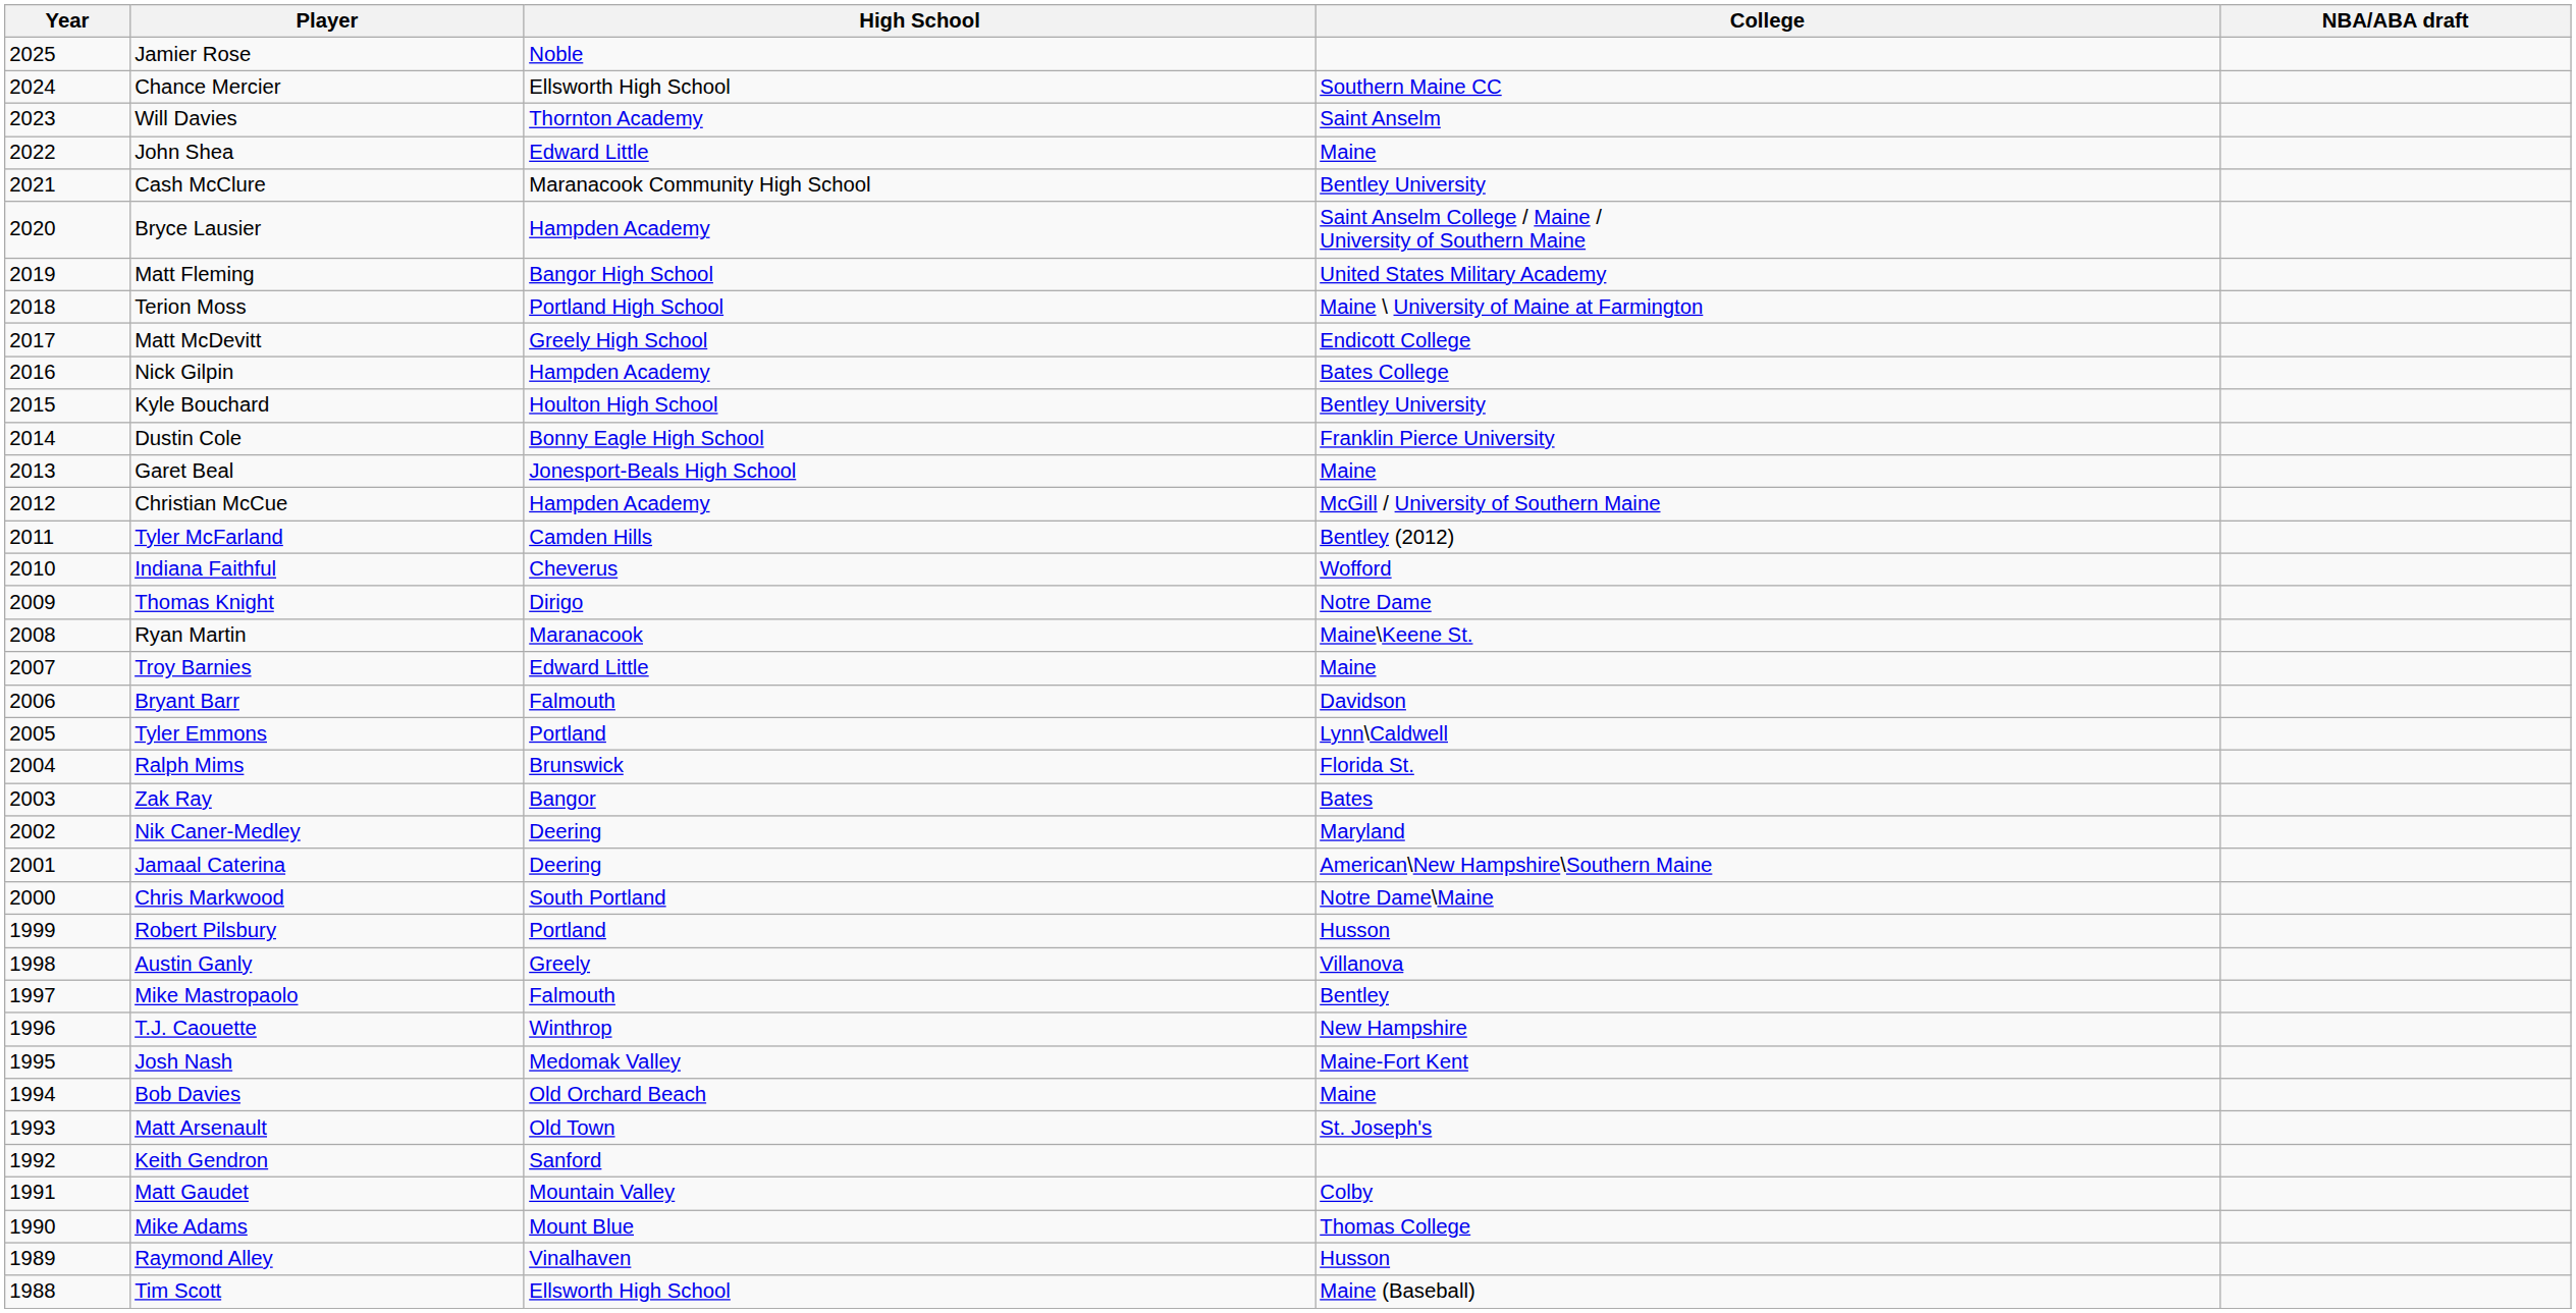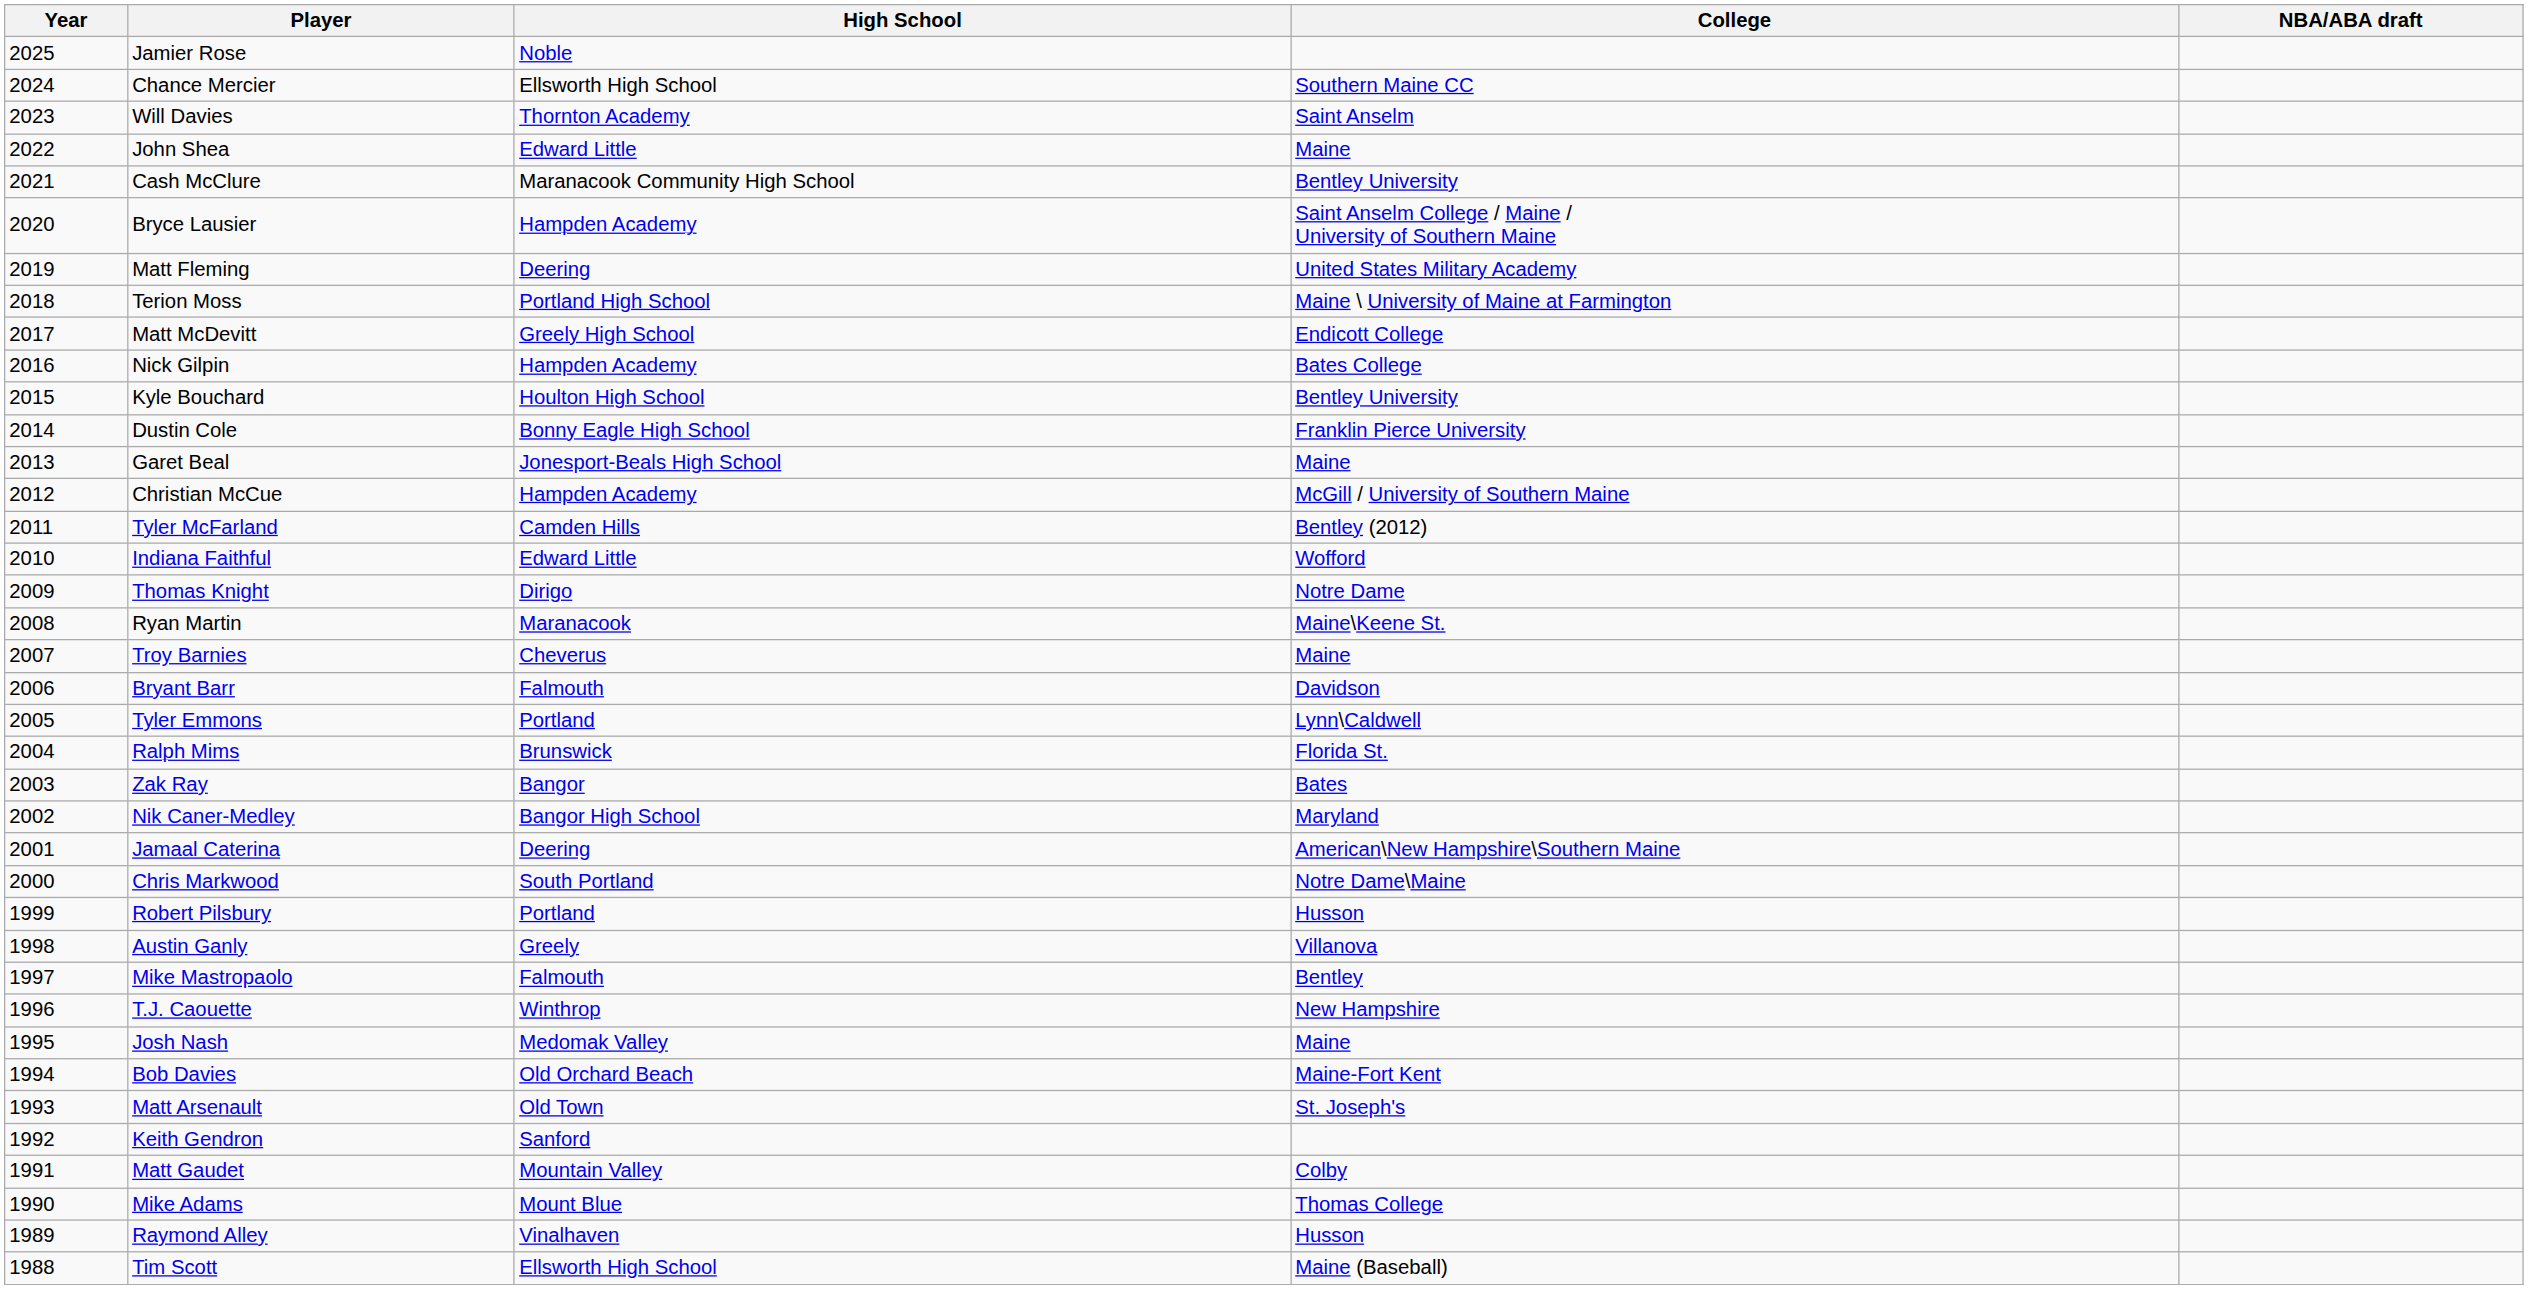 <table class="wikitable sortable" width="100%">
 <tr>
 <th>Year</th>
 <th>Player</th>
 <th>High School</th>
 <th>College</th>
 <th>NBA/ABA draft</th>
 </tr>
 <tr>
 <td>2025</td>
 <td>Jamier Rose</td>
 <td><a href='#'>Noble</a></td>
 <td></td>
 </tr>
 <tr>
 <td>2024</td>
 <td>Chance Mercier</td>
 <td>Ellsworth High School</td>
 <td><a href='#'>Southern Maine CC</a></td>
 <td></td>
 </tr>
 <tr>
 <td>2023</td>
 <td>Will Davies</td>
 <td><a href='#'>Thornton Academy</a></td>
 <td><a href='#'>Saint Anselm</a></td>
 <td></td>
 </tr>
 <tr>
 <td>2022</td>
 <td>John Shea</td>
 <td><a href='#'>Edward Little</a></td>
 <td><a href='#'>Maine</a></td>
 <td></td>
 </tr>
 <tr>
 <td>2021</td>
 <td>Cash McClure</td>
 <td>Maranacook Community High School</td>
 <td><a href='#'>Bentley University</a></td>
 </tr>
 <tr>
 <td>2020</td>
 <td>Bryce Lausier</td>
 <td><a href='#'>Hampden Academy</a></td>
 <td><a href='#'>Saint Anselm College</a> / <a href='#'>Maine</a> /<br><a href='#'>University of Southern Maine</a></td>
 <td></td>
 </tr>
 <tr>
 <td>2019</td>
 <td>Matt Fleming</td>
-<td><a href='#'>Bangor High School</a></td>
+<td><a href='#'>Deering</a></td>
 <td><a href='#'>United States Military Academy</a></td>
 <td></td>
 </tr>
 <tr>
 <td>2018</td>
 <td>Terion Moss</td>
 <td><a href='#'>Portland High School</a></td>
 <td><a href='#'>Maine</a> \ <a href='#'>University of Maine at Farmington</a></td>
 <td></td>
 </tr>
 <tr>
 <td>2017</td>
 <td>Matt McDevitt</td>
 <td><a href='#'>Greely High School</a></td>
 <td><a href='#'>Endicott College</a></td>
 <td></td>
 </tr>
 <tr>
 <td>2016</td>
 <td>Nick Gilpin</td>
 <td><a href='#'>Hampden Academy</a></td>
 <td><a href='#'>Bates College</a></td>
 <td></td>
 </tr>
 <tr>
 <td>2015</td>
 <td>Kyle Bouchard</td>
 <td><a href='#'>Houlton High School</a></td>
 <td><a href='#'>Bentley University</a></td>
 </tr>
 <tr>
 <td>2014</td>
 <td>Dustin Cole</td>
 <td><a href='#'>Bonny Eagle High School</a></td>
 <td><a href='#'>Franklin Pierce University</a></td>
 <td></td>
 </tr>
 <tr>
 <td>2013</td>
 <td>Garet Beal</td>
 <td><a href='#'>Jonesport-Beals High School</a></td>
 <td><a href='#'>Maine</a></td>
 <td></td>
 </tr>
 <tr>
 <td>2012</td>
 <td>Christian McCue</td>
 <td><a href='#'>Hampden Academy</a></td>
 <td><a href='#'>McGill</a> / <a href='#'>University of Southern Maine</a></td>
 <td></td>
 </tr>
 <tr>
 <td>2011</td>
 <td><a href='#'>Tyler McFarland</a></td>
 <td><a href='#'>Camden Hills</a></td>
 <td><a href='#'>Bentley</a> (2012)</td>
 <td></td>
 </tr>
 <tr>
 <td>2010</td>
 <td><a href='#'>Indiana Faithful</a></td>
-<td><a href='#'>Cheverus</a></td>
+<td><a href='#'>Edward Little</a></td>
 <td><a href='#'>Wofford</a></td>
 <td></td>
 </tr>
 <tr>
 <td>2009</td>
 <td><a href='#'>Thomas Knight</a></td>
 <td><a href='#'>Dirigo</a></td>
 <td><a href='#'>Notre Dame</a></td>
 <td></td>
 </tr>
 <tr>
 <td>2008</td>
 <td>Ryan Martin</td>
 <td><a href='#'>Maranacook</a></td>
 <td><a href='#'>Maine</a>\<a href='#'>Keene St.</a></td>
 <td></td>
 </tr>
 <tr>
 <td>2007</td>
 <td><a href='#'>Troy Barnies</a></td>
-<td><a href='#'>Edward Little</a></td>
+<td><a href='#'>Cheverus</a></td>
 <td><a href='#'>Maine</a></td>
 <td></td>
 </tr>
 <tr>
 <td>2006</td>
 <td><a href='#'>Bryant Barr</a></td>
 <td><a href='#'>Falmouth</a></td>
 <td><a href='#'>Davidson</a></td>
 <td></td>
 </tr>
 <tr>
 <td>2005</td>
 <td><a href='#'>Tyler Emmons</a></td>
 <td><a href='#'>Portland</a></td>
 <td><a href='#'>Lynn</a>\<a href='#'>Caldwell</a></td>
 <td></td>
 </tr>
 <tr>
 <td>2004</td>
 <td><a href='#'>Ralph Mims</a></td>
 <td><a href='#'>Brunswick</a></td>
 <td><a href='#'>Florida St.</a></td>
 <td></td>
 </tr>
 <tr>
 <td>2003</td>
 <td><a href='#'>Zak Ray</a></td>
 <td><a href='#'>Bangor</a></td>
 <td><a href='#'>Bates</a></td>
 <td></td>
 </tr>
 <tr>
 <td>2002</td>
 <td><a href='#'>Nik Caner-Medley</a></td>
-<td><a href='#'>Deering</a></td>
+<td><a href='#'>Bangor High School</a></td>
 <td><a href='#'>Maryland</a></td>
 <td></td>
 </tr>
 <tr>
 <td>2001</td>
 <td><a href='#'>Jamaal Caterina</a></td>
 <td><a href='#'>Deering</a></td>
 <td><a href='#'>American</a>\<a href='#'>New Hampshire</a>\<a href='#'>Southern Maine</a></td>
 <td></td>
 </tr>
 <tr>
 <td>2000</td>
 <td><a href='#'>Chris Markwood</a></td>
 <td><a href='#'>South Portland</a></td>
 <td><a href='#'>Notre Dame</a>\<a href='#'>Maine</a></td>
 <td></td>
 </tr>
 <tr>
 <td>1999</td>
 <td><a href='#'>Robert Pilsbury</a></td>
 <td><a href='#'>Portland</a></td>
 <td><a href='#'>Husson</a></td>
 <td></td>
 </tr>
 <tr>
 <td>1998</td>
 <td><a href='#'>Austin Ganly</a></td>
 <td><a href='#'>Greely</a></td>
 <td><a href='#'>Villanova</a></td>
 <td></td>
 </tr>
 <tr>
 <td>1997</td>
 <td><a href='#'>Mike Mastropaolo</a></td>
 <td><a href='#'>Falmouth</a></td>
 <td><a href='#'>Bentley</a></td>
 <td></td>
 </tr>
 <tr>
 <td>1996</td>
 <td><a href='#'>T.J. Caouette</a></td>
 <td><a href='#'>Winthrop</a></td>
 <td><a href='#'>New Hampshire</a></td>
 <td></td>
 </tr>
 <tr>
 <td>1995</td>
 <td><a href='#'>Josh Nash</a></td>
 <td><a href='#'>Medomak Valley</a></td>
-<td><a href='#'>Maine-Fort Kent</a></td>
+<td><a href='#'>Maine</a></td>
 <td></td>
 </tr>
 <tr>
 <td>1994</td>
 <td><a href='#'>Bob Davies</a></td>
 <td><a href='#'>Old Orchard Beach</a></td>
-<td><a href='#'>Maine</a></td>
+<td><a href='#'>Maine-Fort Kent</a></td>
 <td></td>
 </tr>
 <tr>
 <td>1993</td>
 <td><a href='#'>Matt Arsenault</a></td>
 <td><a href='#'>Old Town</a></td>
 <td><a href='#'>St. Joseph's</a></td>
 <td></td>
 </tr>
 <tr>
 <td>1992</td>
 <td><a href='#'>Keith Gendron</a></td>
 <td><a href='#'>Sanford</a></td>
 <td></td>
 <td></td>
 </tr>
 <tr>
 <td>1991</td>
 <td><a href='#'>Matt Gaudet</a></td>
 <td><a href='#'>Mountain Valley</a></td>
 <td><a href='#'>Colby</a></td>
 <td></td>
 </tr>
 <tr>
 <td>1990</td>
 <td><a href='#'>Mike Adams</a></td>
 <td><a href='#'>Mount Blue</a></td>
 <td><a href='#'>Thomas College</a></td>
 <td></td>
 </tr>
 <tr>
 <td>1989</td>
 <td><a href='#'>Raymond Alley</a></td>
 <td><a href='#'>Vinalhaven</a></td>
 <td><a href='#'>Husson</a></td>
 <td></td>
 </tr>
 <tr>
 <td>1988</td>
 <td><a href='#'>Tim Scott</a></td>
 <td><a href='#'>Ellsworth High School</a></td>
 <td><a href='#'>Maine</a> (Baseball)</td>
 <td></td>
 </tr>
 <tr>
 </tr>
 </table>
